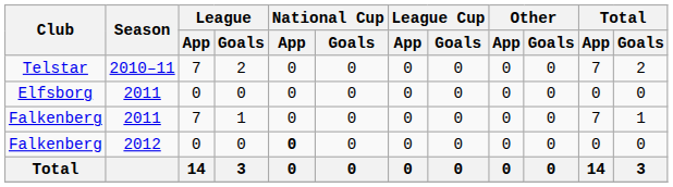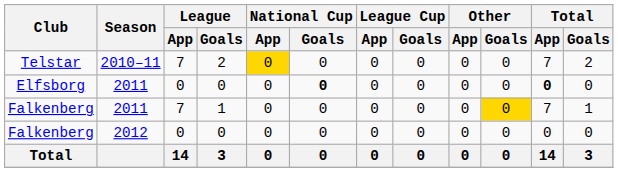 <table class="wikitable">
 <tr>
 <th rowspan=2>Club</th>
 <th rowspan=2>Season</th>
 <th colspan=2>League</th>
 <th colspan=2>National Cup</th>
 <th colspan=2>League Cup</th>
 <th colspan=2>Other</th>
 <th colspan=2>Total</th>
 </tr>
 <tr>
 <th>App</th>
 <th>Goals</th>
 <th>App</th>
 <th>Goals</th>
 <th>App</th>
 <th>Goals</th>
 <th>App</th>
 <th>Goals</th>
 <th>App</th>
 <th>Goals</th>
 </tr>
 <tr align=center>
 <td rowspan=1><a href='#'>Telstar</a></td>
 <td><a href='#'>2010–11</a></td>
 <td>7</td>
 <td>2</td>
-<td>0</td>
+<td style="background: gold;">0</td>
 <td>0</td>
 <td>0</td>
 <td>0</td>
 <td>0</td>
 <td>0</td>
 <td>7</td>
 <td>2</td>
 </tr>
 <tr align=center>
 <td rowspan=1><a href='#'>Elfsborg</a></td>
 <td><a href='#'>2011</a></td>
 <td>0</td>
 <td>0</td>
 <td>0</td>
+<td><strong>0</strong></td>
 <td>0</td>
 <td>0</td>
 <td>0</td>
 <td>0</td>
-<td>0</td>
-<td>0</td>
+<td><strong>0</strong></td>
 <td>0</td>
 </tr>
 <tr align=center>
 <td rowspan=1><a href='#'>Falkenberg</a></td>
 <td><a href='#'>2011</a></td>
 <td>7</td>
 <td>1</td>
 <td>0</td>
 <td>0</td>
 <td>0</td>
 <td>0</td>
 <td>0</td>
-<td>0</td>
+<td style="background: gold;">0</td>
 <td>7</td>
 <td>1</td>
 </tr>
 <tr align=center>
 <td rowspan=1><a href='#'>Falkenberg</a></td>
 <td><a href='#'>2012</a></td>
 <td>0</td>
 <td>0</td>
-<td><strong>0</strong></td>
+<td>0</td>
 <td>0</td>
 <td>0</td>
 <td>0</td>
 <td>0</td>
 <td>0</td>
 <td>0</td>
 <td>0</td>
 </tr>
 <tr align=center>
 <th>Total</th>
 <th></th>
 <th>14</th>
 <th>3</th>
 <th>0</th>
 <th>0</th>
 <th>0</th>
 <th>0</th>
 <th>0</th>
 <th>0</th>
 <th>14</th>
 <th>3</th>
 </tr>
 <tr>
 </tr>
 </table>
